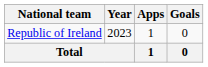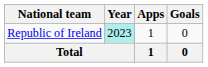 <table class="wikitable" style="text-align:center">
 <tr>
 <th>National team</th>
 <th>Year</th>
 <th>Apps</th>
 <th>Goals</th>
 </tr>
 <tr>
 <td rowspan="1"><a href='#'>Republic of Ireland</a></td>
-<td>2023</td>
+<td style="background: paleturquoise;">2023</td>
 <td>1</td>
 <td>0</td>
 </tr>
 <tr>
 <th colspan="2">Total</th>
 <th>1</th>
 <th>0</th>
 </tr>
 </table>
